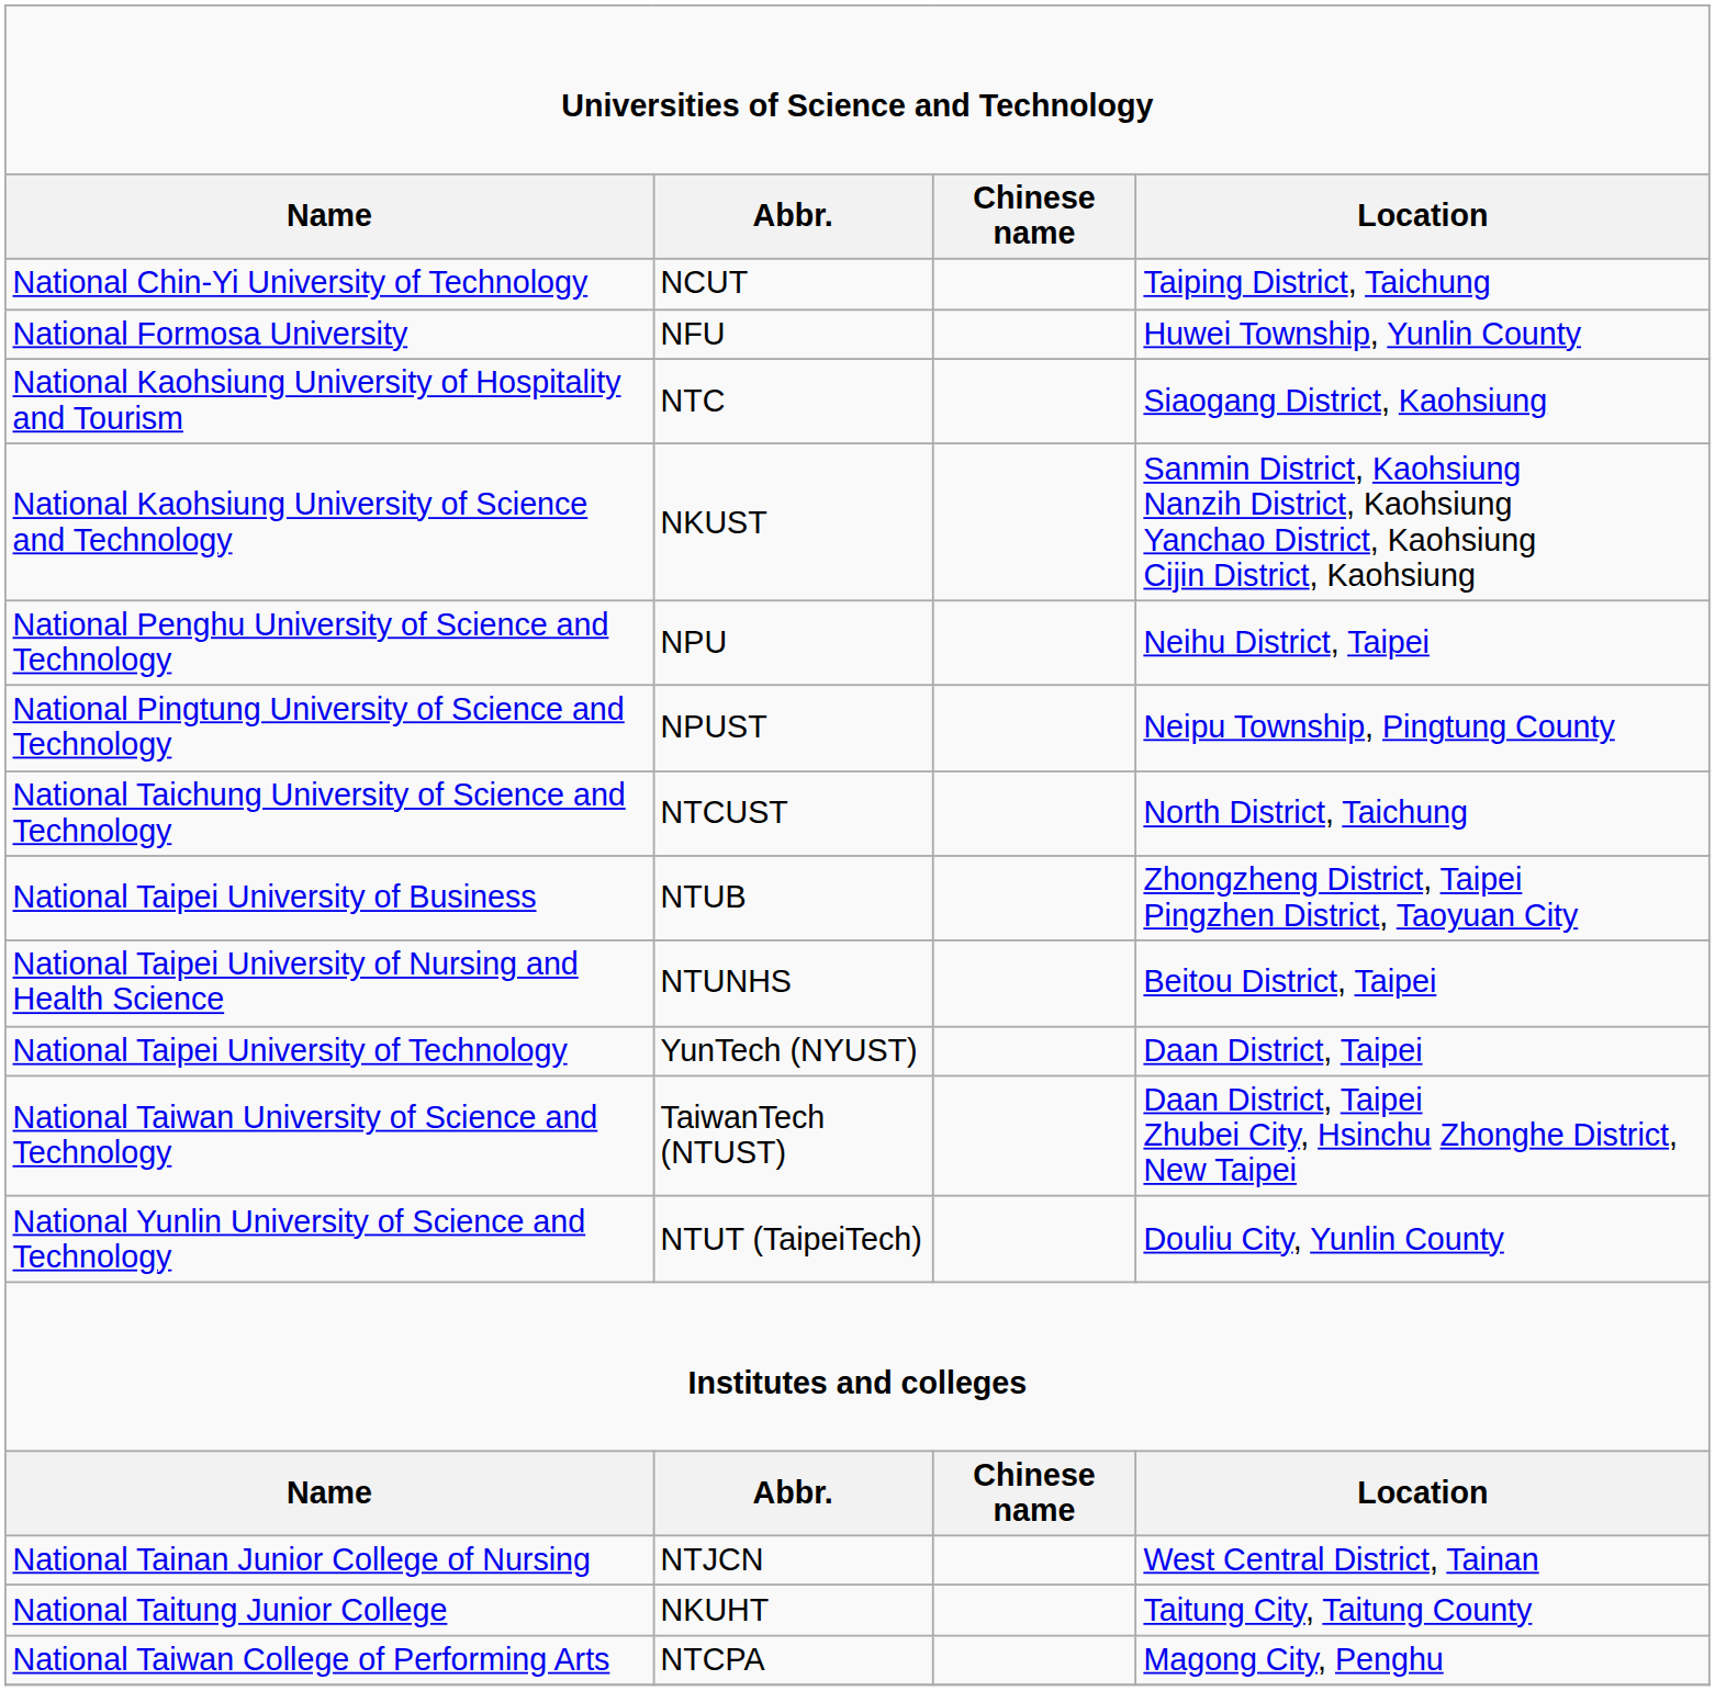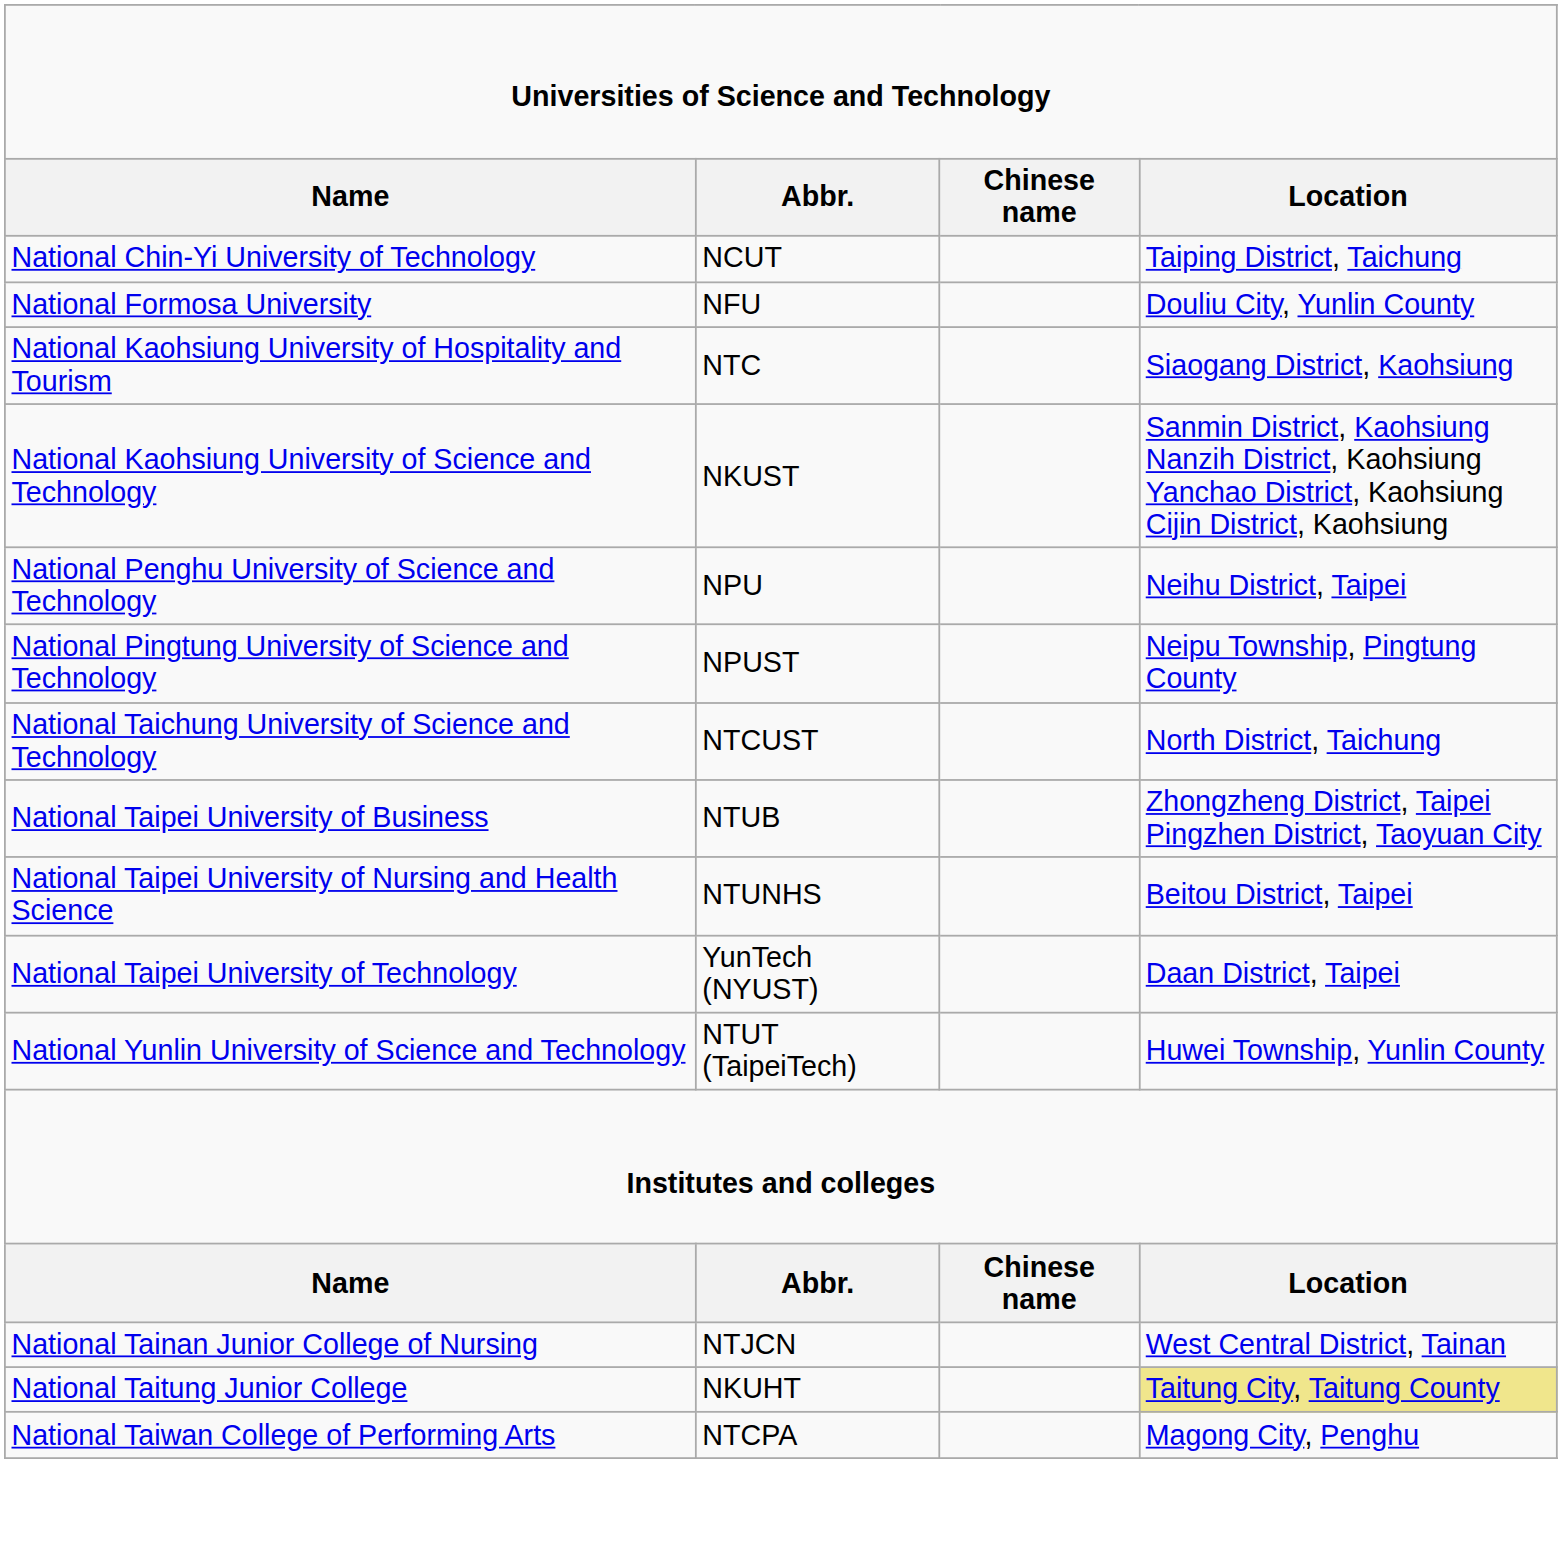 <table class=wikitable>
 <tr>
 <td colspan=4 align=center><br><h4>Universities of Science and Technology</h4></td>
 </tr>
 <tr>
 <th>Name</th>
 <th>Abbr.</th>
 <th>Chinese name</th>
 <th>Location</th>
 </tr>
 <tr>
 <td><a href='#'>National Chin-Yi University of Technology</a></td>
 <td>NCUT</td>
 <td></td>
 <td><a href='#'>Taiping District</a>, <a href='#'>Taichung</a></td>
 </tr>
 <tr>
 <td><a href='#'>National Formosa University</a></td>
 <td>NFU</td>
 <td></td>
-<td><a href='#'>Huwei Township</a>, <a href='#'>Yunlin County</a></td>
+<td><a href='#'>Douliu City</a>, <a href='#'>Yunlin County</a></td>
 </tr>
 <tr>
 <td><a href='#'>National Kaohsiung University of Hospitality and Tourism</a></td>
 <td>NTC</td>
 <td></td>
 <td><a href='#'>Siaogang District</a>, <a href='#'>Kaohsiung</a></td>
 </tr>
 <tr>
 <td><a href='#'>National Kaohsiung University of Science and Technology</a></td>
 <td>NKUST</td>
 <td></td>
 <td><a href='#'>Sanmin District</a>, <a href='#'>Kaohsiung</a><br><a href='#'>Nanzih District</a>, Kaohsiung<br><a href='#'>Yanchao District</a>, Kaohsiung<br><a href='#'>Cijin District</a>, Kaohsiung</td>
 </tr>
 <tr>
 <td><a href='#'>National Penghu University of Science and Technology</a></td>
 <td>NPU</td>
 <td></td>
 <td><a href='#'>Neihu District</a>, <a href='#'>Taipei</a></td>
 </tr>
 <tr>
 <td><a href='#'>National Pingtung University of Science and Technology</a></td>
 <td>NPUST</td>
 <td></td>
 <td><a href='#'>Neipu Township</a>, <a href='#'>Pingtung County</a></td>
 </tr>
 <tr>
 <td><a href='#'>National Taichung University of Science and Technology</a></td>
 <td>NTCUST</td>
 <td></td>
 <td><a href='#'>North District</a>, <a href='#'>Taichung</a></td>
 </tr>
 <tr>
 <td><a href='#'>National Taipei University of Business</a></td>
 <td>NTUB</td>
 <td></td>
 <td><a href='#'>Zhongzheng District</a>, <a href='#'>Taipei</a><br><a href='#'>Pingzhen District</a>, <a href='#'>Taoyuan City</a></td>
 </tr>
 <tr>
 <td><a href='#'>National Taipei University of Nursing and Health Science</a></td>
 <td>NTUNHS</td>
 <td></td>
 <td><a href='#'>Beitou District</a>, <a href='#'>Taipei</a></td>
 </tr>
 <tr>
 <td><a href='#'>National Taipei University of Technology</a></td>
 <td>YunTech (NYUST)</td>
 <td></td>
 <td><a href='#'>Daan District</a>, <a href='#'>Taipei</a></td>
 </tr>
 <tr>
-<td><a href='#'>National Taiwan University of Science and Technology</a></td>
-<td>TaiwanTech (NTUST)</td>
-<td></td>
-<td><a href='#'>Daan District</a>, <a href='#'>Taipei</a><br><a href='#'>Zhubei City</a>, <a href='#'>Hsinchu</a> <a href='#'>Zhonghe District</a>, <a href='#'>New Taipei</a></td>
-</tr>
-<tr>
 <td><a href='#'>National Yunlin University of Science and Technology</a></td>
 <td>NTUT (TaipeiTech)</td>
 <td></td>
-<td><a href='#'>Douliu City</a>, <a href='#'>Yunlin County</a></td>
+<td><a href='#'>Huwei Township</a>, <a href='#'>Yunlin County</a></td>
 </tr>
 <tr>
 <td colspan=4 align=center><br><h4>Institutes and colleges</h4></td>
 </tr>
 <tr>
 <th>Name</th>
 <th>Abbr.</th>
 <th>Chinese name</th>
 <th>Location</th>
 </tr>
 <tr>
 <td><a href='#'>National Tainan Junior College of Nursing</a></td>
 <td>NTJCN</td>
 <td></td>
 <td><a href='#'>West Central District</a>, <a href='#'>Tainan</a></td>
 </tr>
 <tr>
 <td><a href='#'>National Taitung Junior College</a></td>
 <td>NKUHT</td>
 <td></td>
-<td><a href='#'>Taitung City</a>, <a href='#'>Taitung County</a></td>
+<td style="background: khaki;"><a href='#'>Taitung City</a>, <a href='#'>Taitung County</a></td>
 </tr>
 <tr>
 <td><a href='#'>National Taiwan College of Performing Arts</a></td>
 <td>NTCPA</td>
 <td></td>
 <td><a href='#'>Magong City</a>, <a href='#'>Penghu</a></td>
 </tr>
 <tr>
 </tr>
 </table>
